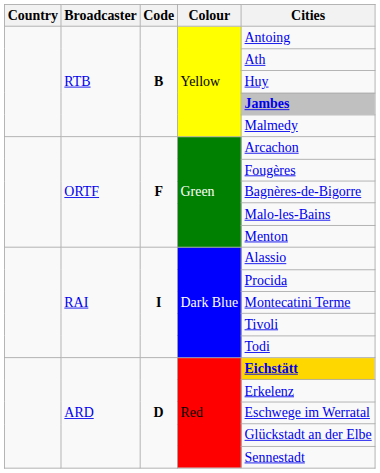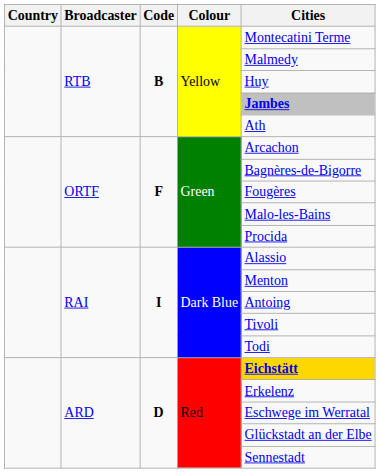 <table class="wikitable plainrowheaders" style="clear:left">
 <tr>
 <th>Country</th>
 <th>Broadcaster</th>
 <th>Code</th>
 <th>Colour</th>
 <th>Cities</th>
 </tr>
 <tr>
 <td rowspan=5></td>
 <td rowspan=5><a href='#'>RTB</a></td>
 <td rowspan=5 align="center"><strong>B</strong></td>
 <td rowspan=5 style="background:yellow; color: black">Yellow</td>
-<td><a href='#'>Antoing</a></td>
+<td><a href='#'>Montecatini Terme</a></td>
 </tr>
 <tr>
-<td><a href='#'>Ath</a></td>
+<td><a href='#'>Malmedy</a></td>
 </tr>
 <tr>
 <td><a href='#'>Huy</a></td>
 </tr>
 <tr>
 <td style="font-weight:bold; background:silver;"><a href='#'>Jambes</a></td>
 </tr>
 <tr>
-<td><a href='#'>Malmedy</a></td>
+<td><a href='#'>Ath</a></td>
 </tr>
 <tr>
 <td rowspan=5></td>
 <td rowspan=5><a href='#'>ORTF</a></td>
 <td rowspan=5 align="center"><strong>F</strong></td>
 <td rowspan=5 style="background:green; color: white">Green</td>
 <td><a href='#'>Arcachon</a></td>
 </tr>
 <tr>
-<td><a href='#'>Fougères</a></td>
+<td><a href='#'>Bagnères-de-Bigorre</a></td>
 </tr>
 <tr>
-<td><a href='#'>Bagnères-de-Bigorre</a></td>
+<td><a href='#'>Fougères</a></td>
 </tr>
 <tr>
 <td><a href='#'>Malo-les-Bains</a></td>
 </tr>
 <tr>
-<td><a href='#'>Menton</a></td>
+<td><a href='#'>Procida</a></td>
 </tr>
 <tr>
 <td rowspan=5></td>
 <td rowspan=5><a href='#'>RAI</a></td>
 <td rowspan=5 align="center"><strong>I</strong></td>
 <td rowspan=5 style="background:blue; color: white">Dark Blue</td>
 <td><a href='#'>Alassio</a></td>
 </tr>
 <tr>
-<td><a href='#'>Procida</a></td>
+<td><a href='#'>Menton</a></td>
 </tr>
 <tr>
-<td><a href='#'>Montecatini Terme</a></td>
+<td><a href='#'>Antoing</a></td>
 </tr>
 <tr>
 <td><a href='#'>Tivoli</a></td>
 </tr>
 <tr>
 <td><a href='#'>Todi</a></td>
 </tr>
 <tr>
 <td rowspan=5></td>
 <td rowspan=5><a href='#'>ARD</a></td>
 <td rowspan=5 align="center"><strong>D</strong></td>
 <td rowspan=5 style="background:red; color: black">Red</td>
 <td style="font-weight:bold; background:gold;"><a href='#'>Eichstätt</a></td>
 </tr>
 <tr>
 <td><a href='#'>Erkelenz</a></td>
 </tr>
 <tr>
 <td><a href='#'>Eschwege im Werratal</a></td>
 </tr>
 <tr>
 <td><a href='#'>Glückstadt an der Elbe</a></td>
 </tr>
 <tr>
 <td><a href='#'>Sennestadt</a></td>
 </tr>
 </table>
